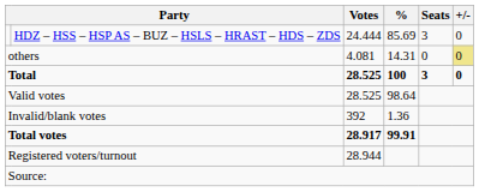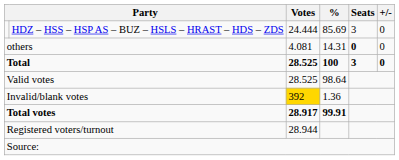 <table class="wikitable" style="text-align: left;">
 <tr>
 <th colspan="2">Party</th>
 <th>Votes</th>
 <th>%</th>
 <th>Seats</th>
 <th>+/-</th>
 </tr>
 <tr>
 <td style="background-color: "></td>
 <td><a href='#'>HDZ</a> – <a href='#'>HSS</a> – <a href='#'>HSP AS</a> – BUZ – <a href='#'>HSLS</a> – <a href='#'>HRAST</a> – <a href='#'>HDS</a> – <a href='#'>ZDS</a></td>
 <td>24.444</td>
 <td>85.69</td>
 <td>3</td>
 <td>0</td>
 </tr>
 <tr>
 <td colspan="2">others</td>
 <td>4.081</td>
 <td>14.31</td>
+<td><strong>0</strong></td>
 <td>0</td>
-<td style="background: khaki;">0</td>
 </tr>
 <tr>
 <td colspan="2"><strong>Total</strong></td>
 <td><strong>28.525</strong></td>
 <td><strong>100</strong></td>
 <td><strong>3</strong></td>
 <td><strong>0</strong></td>
 </tr>
 <tr>
 <td colspan="2">Valid votes</td>
 <td>28.525</td>
 <td>98.64</td>
 <td colspan="2"></td>
 </tr>
 <tr>
 <td colspan="2">Invalid/blank votes</td>
-<td>392</td>
+<td style="background: gold;">392</td>
 <td>1.36</td>
 <td colspan="2"></td>
 </tr>
 <tr>
 <td colspan="2"><strong>Total votes</strong></td>
 <td><strong>28.917</strong></td>
 <td><strong>99.91</strong></td>
 <td colspan="2"></td>
 </tr>
 <tr>
 <td colspan="2">Registered voters/turnout</td>
 <td votes14="5343">28.944</td>
 <td></td>
 <td colspan="2"></td>
 </tr>
 <tr>
 <td colspan="6">Source: </td>
 </tr>
 </table>
